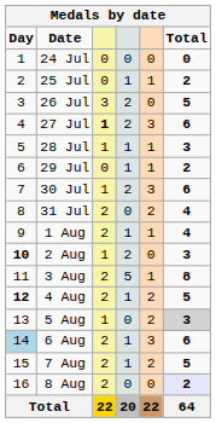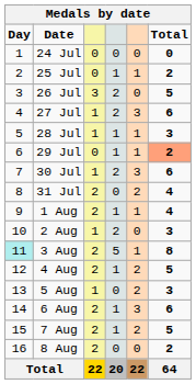 <table class="wikitable" style="font-size:85%; text-align:center;">
 <tr style="background:#efefef;">
 <th colspan=6>Medals by date</th>
 </tr>
 <tr>
 <td><strong>Day</strong></td>
 <td><strong>Date</strong></td>
 <td style="background:#F7F6A8;"></td>
 <td style="background:#DCE5E5;"></td>
 <td style="background:#FFDAB9;"></td>
 <td><strong>Total</strong></td>
 </tr>
 <tr>
 <td>1</td>
 <td>24 Jul</td>
 <td style="background:#F7F6A8;">0</td>
 <td style="background:#DCE5E5;">0</td>
 <td style="background:#FFDAB9;">0</td>
 <td><strong>0</strong></td>
 </tr>
 <tr>
 <td>2</td>
 <td>25 Jul</td>
 <td style="background:#F7F6A8;">0</td>
 <td style="background:#DCE5E5;">1</td>
 <td style="background:#FFDAB9;">1</td>
 <td><strong>2</strong></td>
 </tr>
 <tr>
 <td>3</td>
 <td>26 Jul</td>
 <td style="background:#F7F6A8;">3</td>
 <td style="background:#DCE5E5;">2</td>
 <td style="background:#FFDAB9;">0</td>
 <td><strong>5</strong></td>
 </tr>
 <tr>
 <td>4</td>
 <td>27 Jul</td>
-<td style="background:#F7F6A8;"><strong>1</strong></td>
+<td style="background:#F7F6A8;">1</td>
 <td style="background:#DCE5E5;">2</td>
 <td style="background:#FFDAB9;">3</td>
 <td><strong>6</strong></td>
 </tr>
 <tr>
 <td>5</td>
 <td>28 Jul</td>
 <td style="background:#F7F6A8;">1</td>
 <td style="background:#DCE5E5;">1</td>
 <td style="background:#FFDAB9;">1</td>
 <td><strong>3</strong></td>
 </tr>
 <tr>
 <td>6</td>
 <td>29 Jul</td>
 <td style="background:#F7F6A8;">0</td>
 <td style="background:#DCE5E5;">1</td>
 <td style="background:#FFDAB9;">1</td>
-<td><strong>2</strong></td>
+<td style="background: lightsalmon;"><strong>2</strong></td>
 </tr>
 <tr>
 <td>7</td>
 <td>30 Jul</td>
 <td style="background:#F7F6A8;">1</td>
 <td style="background:#DCE5E5;">2</td>
 <td style="background:#FFDAB9;">3</td>
 <td><strong>6</strong></td>
 </tr>
 <tr>
 <td>8</td>
 <td>31 Jul</td>
 <td style="background:#F7F6A8;">2</td>
 <td style="background:#DCE5E5;">0</td>
 <td style="background:#FFDAB9;">2</td>
 <td><strong>4</strong></td>
 </tr>
 <tr>
 <td>9</td>
 <td>1 Aug</td>
 <td style="background:#F7F6A8;">2</td>
 <td style="background:#DCE5E5;">1</td>
 <td style="background:#FFDAB9;">1</td>
 <td><strong>4</strong></td>
 </tr>
 <tr>
-<td><strong>10</strong></td>
+<td>10</td>
 <td>2 Aug</td>
 <td style="background:#F7F6A8;">1</td>
 <td style="background:#DCE5E5;">2</td>
 <td style="background:#FFDAB9;">0</td>
 <td><strong>3</strong></td>
 </tr>
 <tr>
-<td>11</td>
+<td style="background: paleturquoise;">11</td>
 <td>3 Aug</td>
 <td style="background:#F7F6A8;">2</td>
 <td style="background:#DCE5E5;">5</td>
 <td style="background:#FFDAB9;">1</td>
 <td><strong>8</strong></td>
 </tr>
 <tr>
-<td><strong>12</strong></td>
+<td>12</td>
 <td>4 Aug</td>
 <td style="background:#F7F6A8;">2</td>
 <td style="background:#DCE5E5;">1</td>
 <td style="background:#FFDAB9;">2</td>
 <td><strong>5</strong></td>
 </tr>
 <tr>
 <td>13</td>
 <td>5 Aug</td>
 <td style="background:#F7F6A8;">1</td>
 <td style="background:#DCE5E5;">0</td>
 <td style="background:#FFDAB9;">2</td>
-<td style="background: lightgrey;"><strong>3</strong></td>
+<td><strong>3</strong></td>
 </tr>
 <tr>
-<td style="background: lightblue;">14</td>
+<td>14</td>
 <td>6 Aug</td>
 <td style="background:#F7F6A8;">2</td>
 <td style="background:#DCE5E5;">1</td>
 <td style="background:#FFDAB9;">3</td>
 <td><strong>6</strong></td>
 </tr>
 <tr>
 <td>15</td>
 <td>7 Aug</td>
 <td style="background:#F7F6A8;">2</td>
 <td style="background:#DCE5E5;">1</td>
 <td style="background:#FFDAB9;">2</td>
 <td><strong>5</strong></td>
 </tr>
 <tr>
 <td>16</td>
 <td>8 Aug</td>
 <td style="background:#F7F6A8;">2</td>
 <td style="background:#DCE5E5;">0</td>
 <td style="background:#FFDAB9;">0</td>
-<td style="background: lavender;"><strong>2</strong></td>
+<td><strong>2</strong></td>
 </tr>
 <tr>
 <th colspan="2">Total</th>
 <th style="background:gold;">22</th>
 <th style="background:silver;">20</th>
 <th style="background:#c96;">22</th>
 <th>64</th>
 </tr>
 </table>
